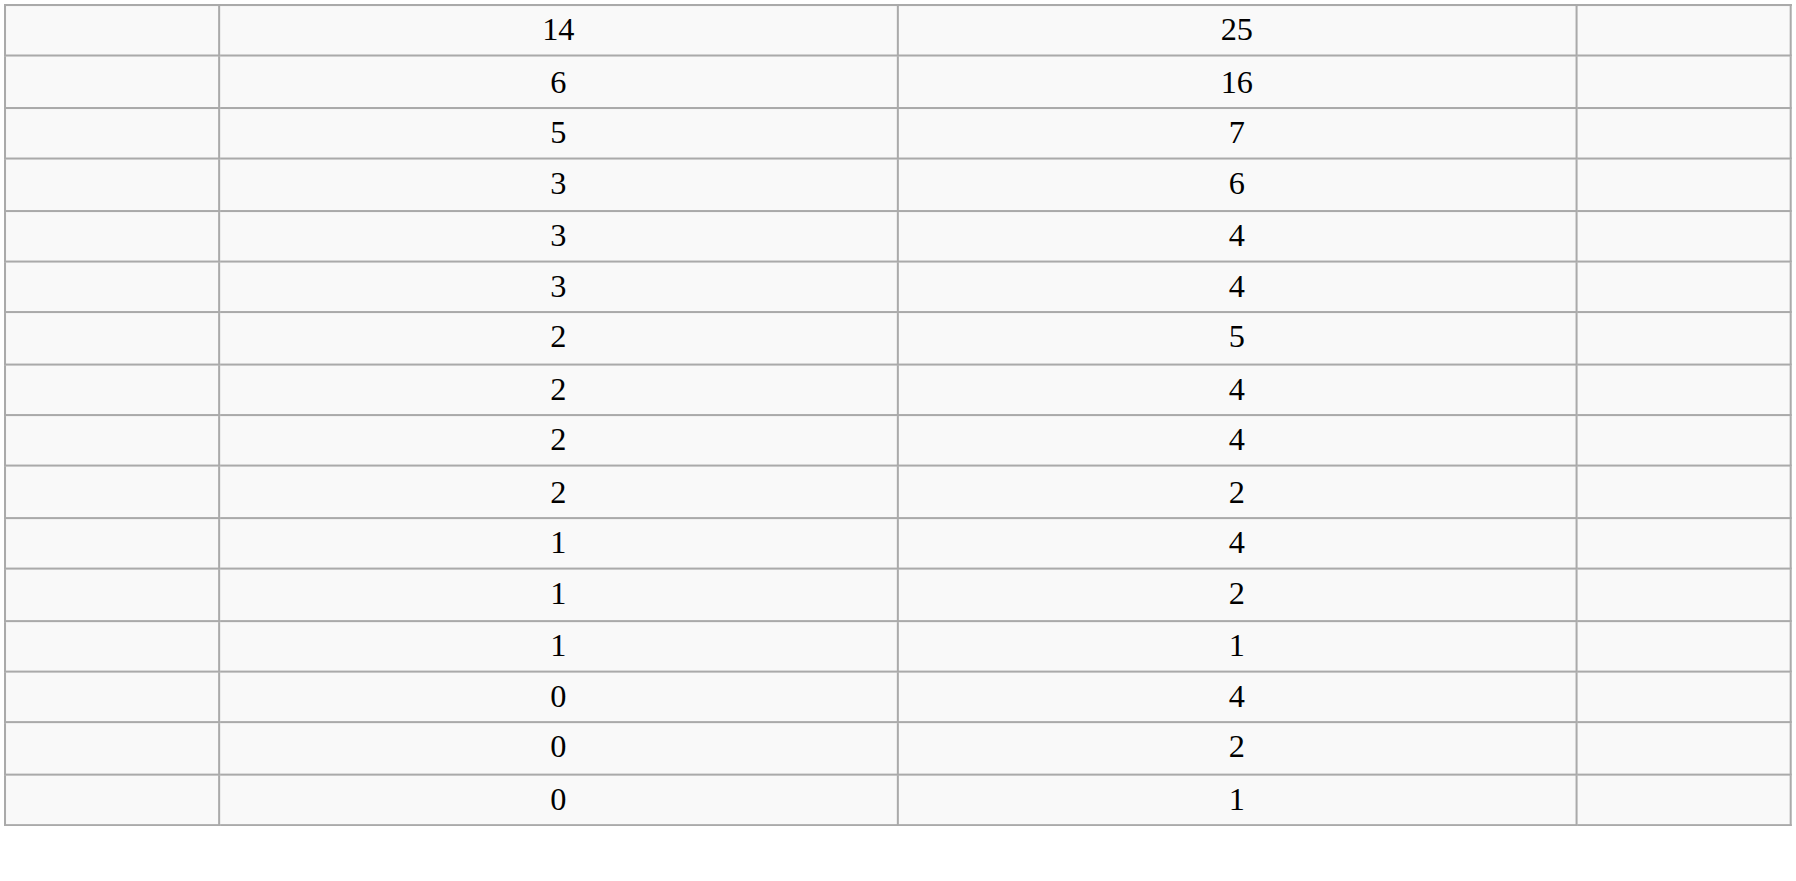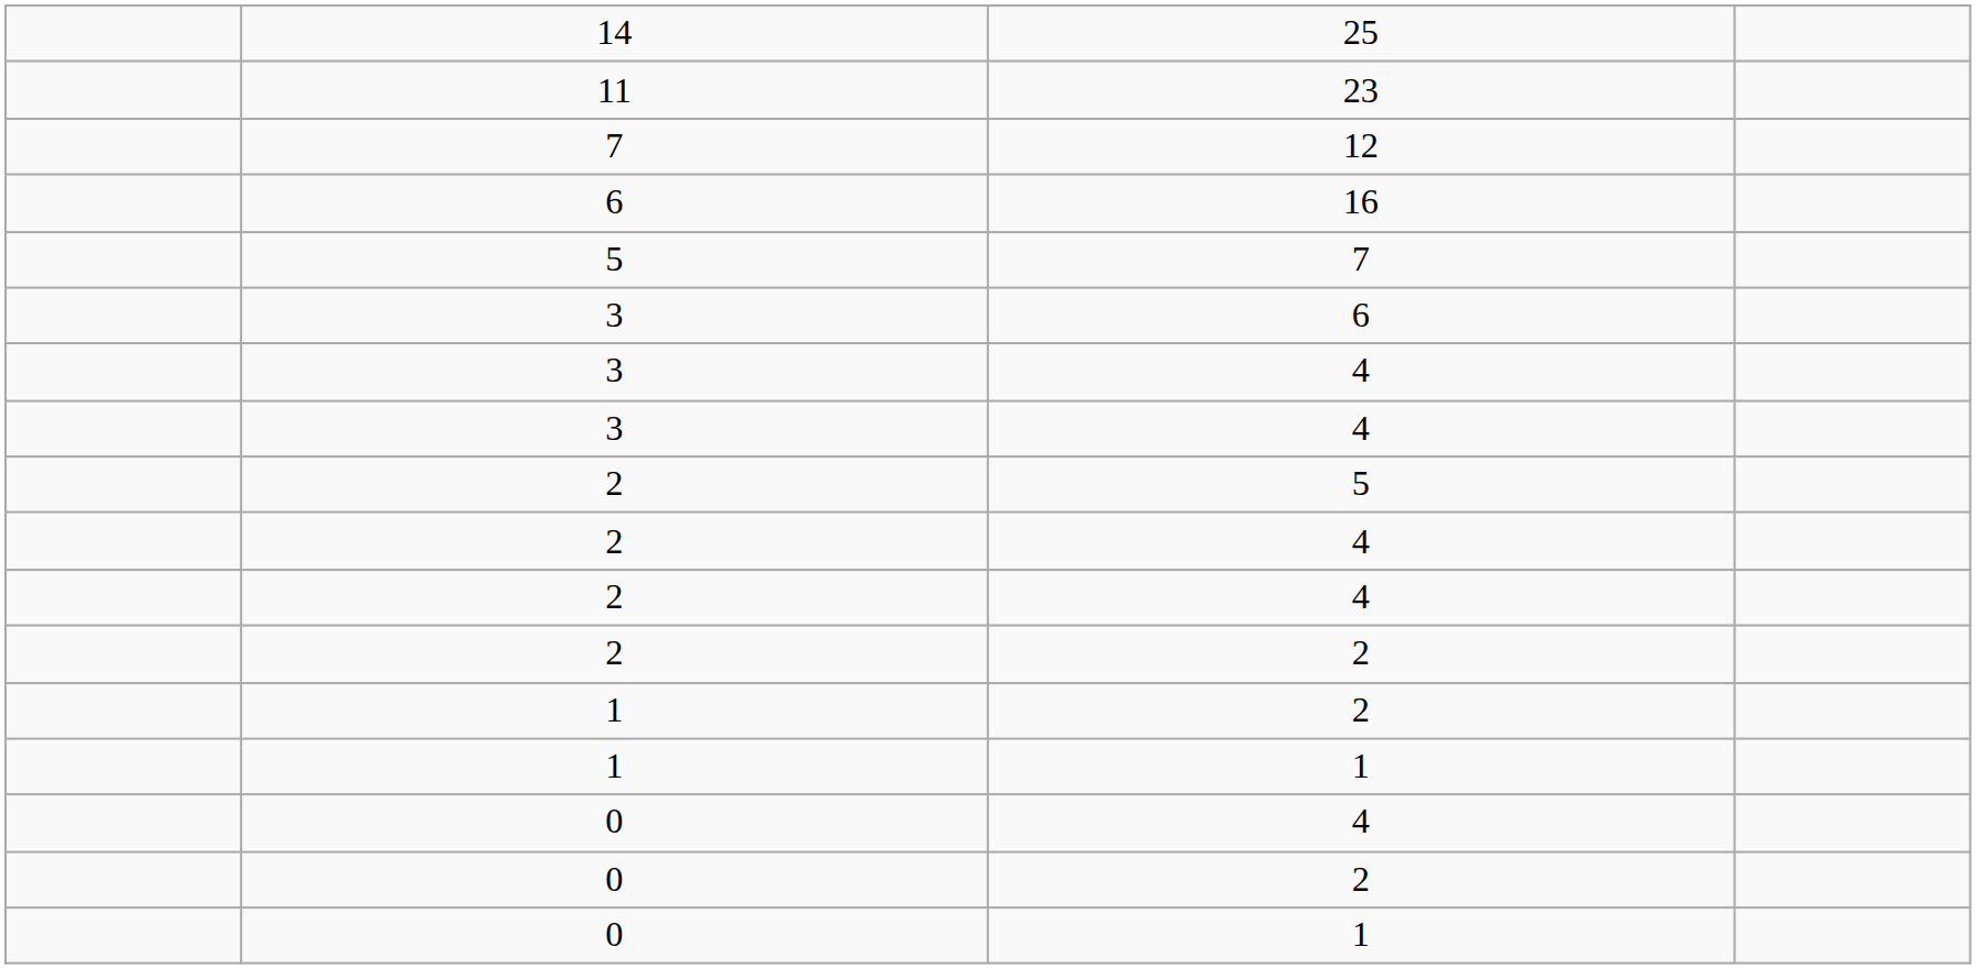 <table class="wikitable" width=70%>
 <tr align=center>
 </tr>
 <tr align=center>
 <td><a href='#'></a></td>
 <td>14</td>
 <td>25</td>
+<td></td>
+</tr>
+<tr align=center>
+<td><a href='#'></a></td>
+<td>11</td>
+<td>23</td>
+<td></td>
+</tr>
+<tr align=center>
+<td><a href='#'></a></td>
+<td>7</td>
+<td>12</td>
 <td></td>
 </tr>
 <tr align=center>
 <td><a href='#'></a></td>
 <td>6</td>
 <td>16</td>
 <td></td>
 </tr>
 <tr align=center>
 <td><a href='#'></a></td>
 <td>5</td>
 <td>7</td>
 <td></td>
 </tr>
 <tr align=center>
 <td><a href='#'></a></td>
 <td>3</td>
 <td>6</td>
 <td></td>
 </tr>
 <tr align=center>
 <td><a href='#'></a></td>
 <td>3</td>
 <td>4</td>
 <td></td>
 </tr>
 <tr align=center>
 <td><a href='#'></a></td>
 <td>3</td>
 <td>4</td>
 <td></td>
 </tr>
 <tr align=center>
 <td><a href='#'></a></td>
 <td>2</td>
 <td>5</td>
 <td></td>
 </tr>
 <tr align=center>
 <td><a href='#'></a></td>
 <td>2</td>
 <td>4</td>
 <td></td>
 </tr>
 <tr align=center>
 <td><a href='#'></a></td>
 <td>2</td>
 <td>4</td>
 <td></td>
 </tr>
 <tr align=center>
 <td><a href='#'></a></td>
 <td>2</td>
 <td>2</td>
 <td></td>
 </tr>
 <tr align=center>
 <td><a href='#'></a></td>
 <td>1</td>
-<td>4</td>
-<td></td>
-</tr>
-<tr align=center>
-<td><a href='#'></a></td>
-<td>1</td>
 <td>2</td>
 <td></td>
 </tr>
 <tr align=center>
 <td><a href='#'></a></td>
 <td>1</td>
 <td>1</td>
 <td></td>
 </tr>
 <tr align=center>
 <td><a href='#'></a></td>
 <td>0</td>
 <td>4</td>
 <td></td>
 </tr>
 <tr align=center>
 <td><a href='#'></a></td>
 <td>0</td>
 <td>2</td>
 <td></td>
 </tr>
 <tr align=center>
 <td><a href='#'></a></td>
 <td>0</td>
 <td>1</td>
 <td></td>
 </tr>
 </table>
